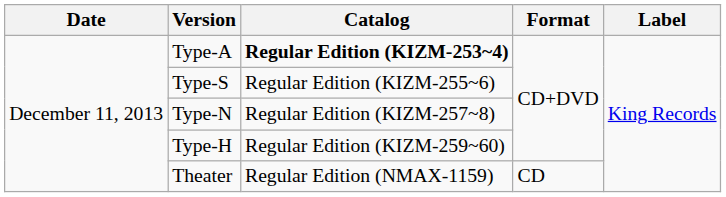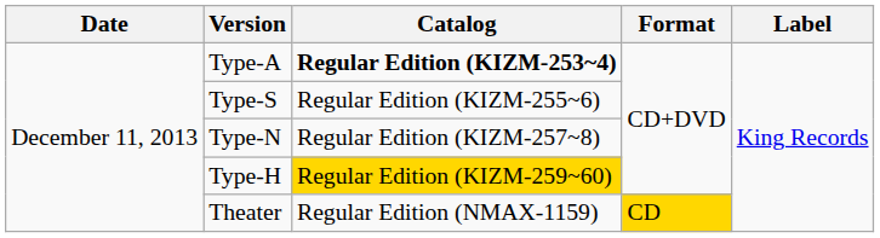 <table class="wikitable plainrowheaders">
 <tr>
 <th scope="col">Date</th>
 <th>Version</th>
 <th>Catalog</th>
 <th>Format</th>
 <th>Label</th>
 </tr>
 <tr>
 <td scope="row" rowspan="5">December 11, 2013</td>
 <td>Type-A</td>
 <td><strong>Regular Edition (KIZM-253~4)</strong></td>
 <td scope="row" rowspan="4">CD+DVD</td>
 <td scope="row" rowspan="5"><a href='#'>King Records</a></td>
 </tr>
 <tr>
 <td>Type-S</td>
 <td>Regular Edition (KIZM-255~6)</td>
 </tr>
 <tr>
 <td>Type-N</td>
 <td>Regular Edition (KIZM-257~8)</td>
 </tr>
 <tr>
 <td>Type-H</td>
-<td>Regular Edition (KIZM-259~60)</td>
+<td style="background: gold;">Regular Edition (KIZM-259~60)</td>
 </tr>
 <tr>
 <td>Theater</td>
 <td>Regular Edition (NMAX-1159)</td>
-<td>CD</td>
+<td style="background: gold;">CD</td>
 </tr>
 </table>
